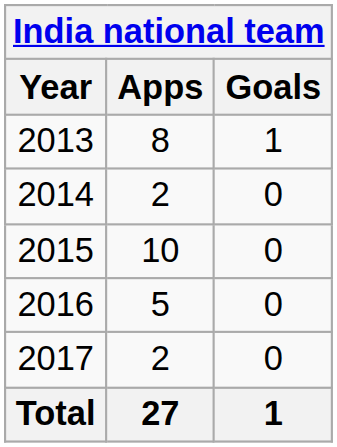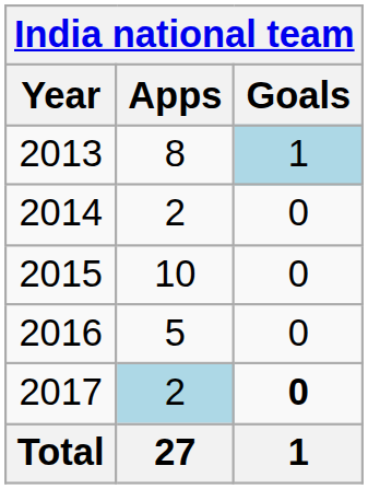 <table class="wikitable" style="text-align:center">
 <tr>
 <th colspan=3><a href='#'>India national team</a></th>
 </tr>
 <tr>
 <th>Year</th>
 <th>Apps</th>
 <th>Goals</th>
 </tr>
 <tr>
 <td>2013</td>
 <td>8</td>
-<td>1</td>
+<td style="background: lightblue;">1</td>
 </tr>
 <tr>
 <td>2014</td>
 <td>2</td>
 <td>0</td>
 </tr>
 <tr>
 <td>2015</td>
 <td>10</td>
 <td>0</td>
 </tr>
 <tr>
 <td>2016</td>
 <td>5</td>
 <td>0</td>
 </tr>
 <tr>
 <td>2017</td>
-<td>2</td>
-<td>0</td>
+<td style="background: lightblue;">2</td>
+<td><strong>0</strong></td>
 </tr>
 <tr>
 <th>Total</th>
 <th>27</th>
 <th>1</th>
 </tr>
 </table>
